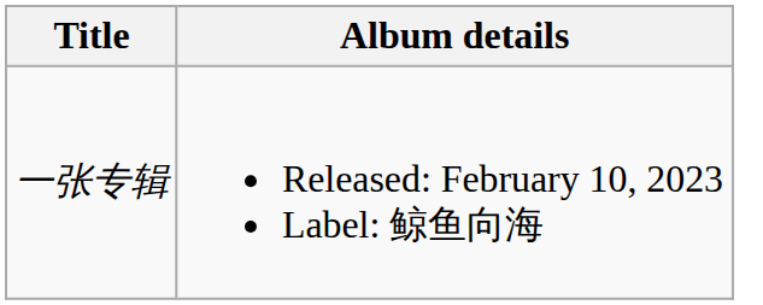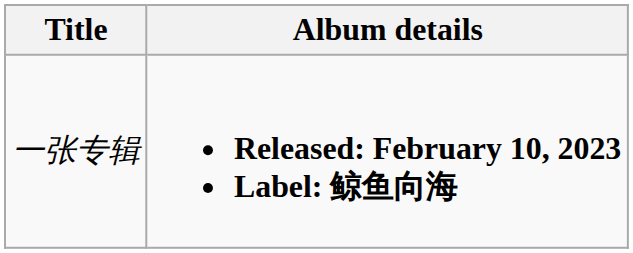 <table class="wikitable">
 <tr>
 <th>Title</th>
 <th>Album details</th>
 </tr>
 <tr>
 <td><em>一张专辑</em></td>
-<td><br><ul><li>Released: February 10, 2023</li><li>Label: 鲸鱼向海</li></ul></td>
+<td><strong><br><ul><li>Released: February 10, 2023</li><li>Label: 鲸鱼向海</li></ul></strong></td>
 </tr>
 </table>
